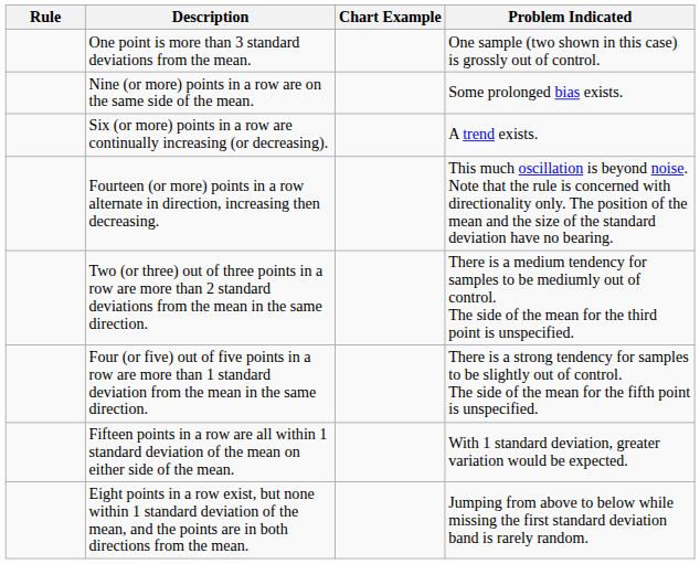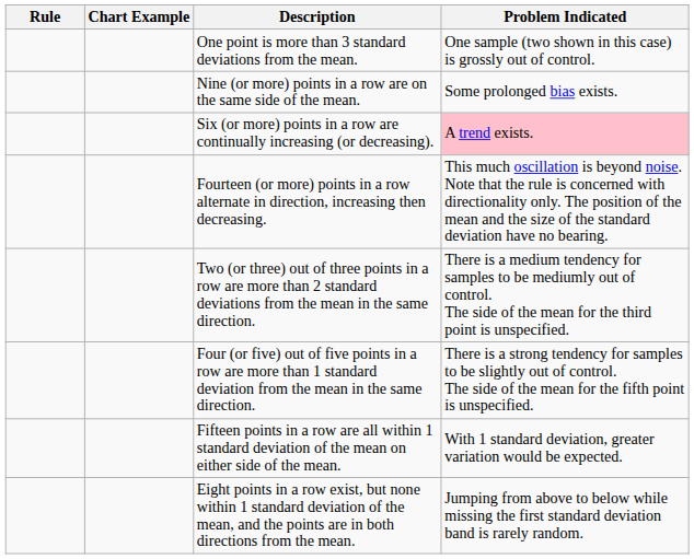 <table class="wikitable" style="margin: 1em auto 1em auto">
 <tr>
 <th>Rule</th>
+<th>Chart Example</th>
 <th>Description</th>
-<th>Chart Example</th>
 <th>Problem Indicated</th>
 </tr>
 <tr>
 <td width="75pt"></td>
+<td></td>
 <td width="250pt">One point is more than 3 standard deviations from the mean.</td>
-<td></td>
 <td width="250pt">One sample (two shown in this case) is grossly out of control.</td>
 </tr>
 <tr>
 <td></td>
+<td></td>
 <td>Nine (or more) points in a row are on the same side of the mean.</td>
-<td></td>
 <td>Some prolonged <a href='#'>bias</a> exists.</td>
 </tr>
 <tr>
 <td></td>
+<td></td>
 <td>Six (or more) points in a row are continually increasing (or decreasing).</td>
-<td></td>
-<td>A <a href='#'>trend</a> exists.</td>
+<td style="background: pink;">A <a href='#'>trend</a> exists.</td>
 </tr>
 <tr>
 <td></td>
+<td></td>
 <td>Fourteen (or more) points in a row alternate in direction, increasing then decreasing.</td>
-<td></td>
 <td>This much <a href='#'>oscillation</a> is beyond <a href='#'>noise</a>.<br>Note that the rule is concerned with directionality only. The position of the mean and the size of the standard deviation have no bearing.</td>
 </tr>
 <tr>
 <td></td>
+<td></td>
 <td>Two (or three) out of three points in a row are more than 2 standard deviations from the mean in the same direction.</td>
-<td></td>
 <td>There is a medium tendency for samples to be mediumly out of control.<br>The side of the mean for the third point is unspecified.</td>
 </tr>
 <tr>
 <td></td>
+<td></td>
 <td>Four (or five) out of five points in a row are more than 1 standard deviation from the mean in the same direction.</td>
-<td></td>
 <td>There is a strong tendency for samples to be slightly out of control.<br>The side of the mean for the fifth point is unspecified.</td>
 </tr>
 <tr>
 <td></td>
+<td></td>
 <td>Fifteen points in a row are all within 1 standard deviation of the mean on either side of the mean.</td>
-<td></td>
 <td>With 1 standard deviation, greater variation would be expected.</td>
 </tr>
 <tr>
 <td></td>
+<td></td>
 <td>Eight points in a row exist, but none within 1 standard deviation of the mean, and the points are in both directions from the mean.</td>
-<td></td>
 <td>Jumping from above to below while missing the first standard deviation band is rarely random.</td>
 </tr>
 </table>
